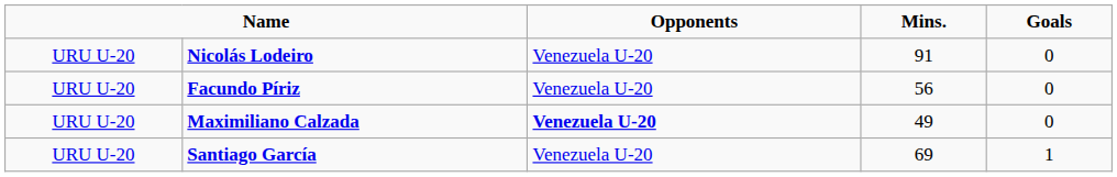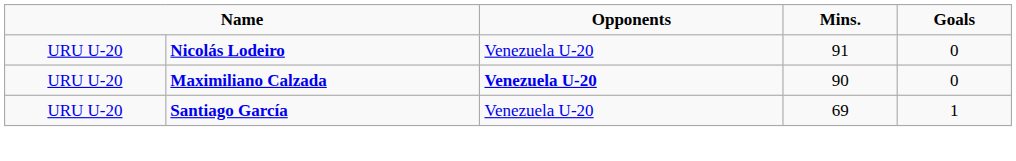 <table class= width=90% border="2" cellpadding="4" cellspacing="0" style="text-align=center: 1em 1em 1em 0; background: #f9f9f9; border: 1px #aaa solid; border-collapse: collapse; font-size: 95%;">
 <tr>
 <th width=25% colspan=2>Name</th>
 <th width=16%>Opponents</th>
 <th width=6%>Mins.</th>
 <th width=6%>Goals</th>
 </tr>
 <tr>
 <td align=center> <a href='#'>URU U-20</a></td>
 <td><strong><a href='#'>Nicolás Lodeiro</a></strong></td>
 <td> <a href='#'>Venezuela U-20</a></td>
 <td align=center>91</td>
 <td align=center>0</td>
 </tr>
 <tr>
 <td align=center> <a href='#'>URU U-20</a></td>
-<td><strong><a href='#'>Facundo Píriz</a></strong></td>
-<td> <a href='#'>Venezuela U-20</a></td>
-<td align=center>56</td>
-<td align=center>0</td>
-</tr>
-<tr>
-<td align=center> <a href='#'>URU U-20</a></td>
 <td><strong><a href='#'>Maximiliano Calzada</a></strong></td>
 <td><strong> <a href='#'>Venezuela U-20</a></strong></td>
-<td align=center>49</td>
+<td align=center>90</td>
 <td align=center>0</td>
 </tr>
 <tr>
 <td align=center> <a href='#'>URU U-20</a></td>
 <td><strong><a href='#'>Santiago García</a></strong></td>
 <td> <a href='#'>Venezuela U-20</a></td>
 <td align=center>69</td>
 <td align=center>1</td>
 </tr>
 </table>
